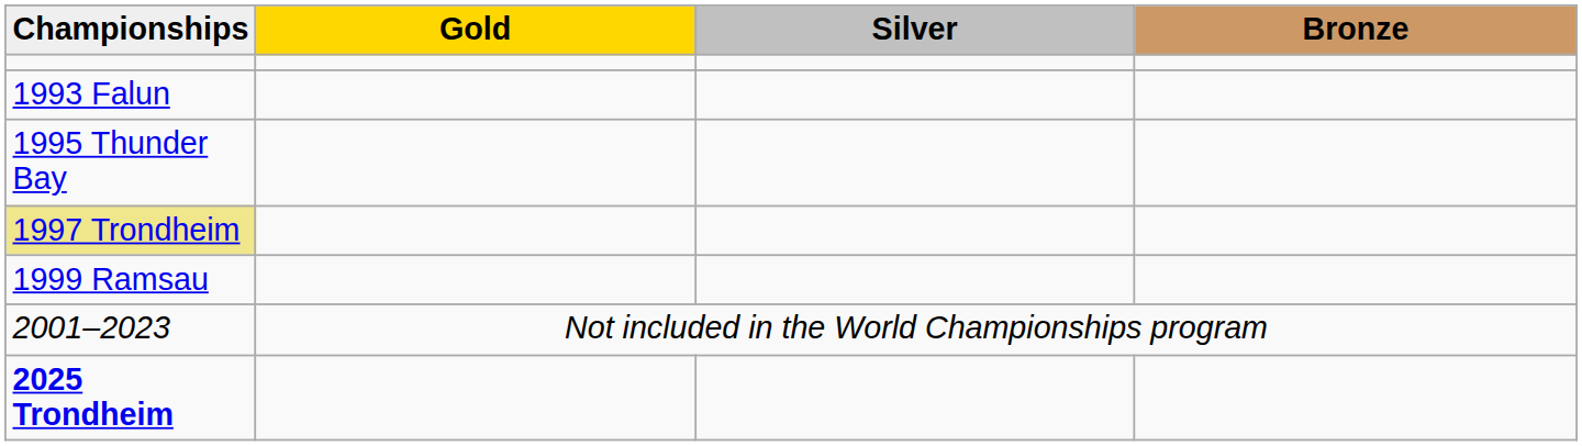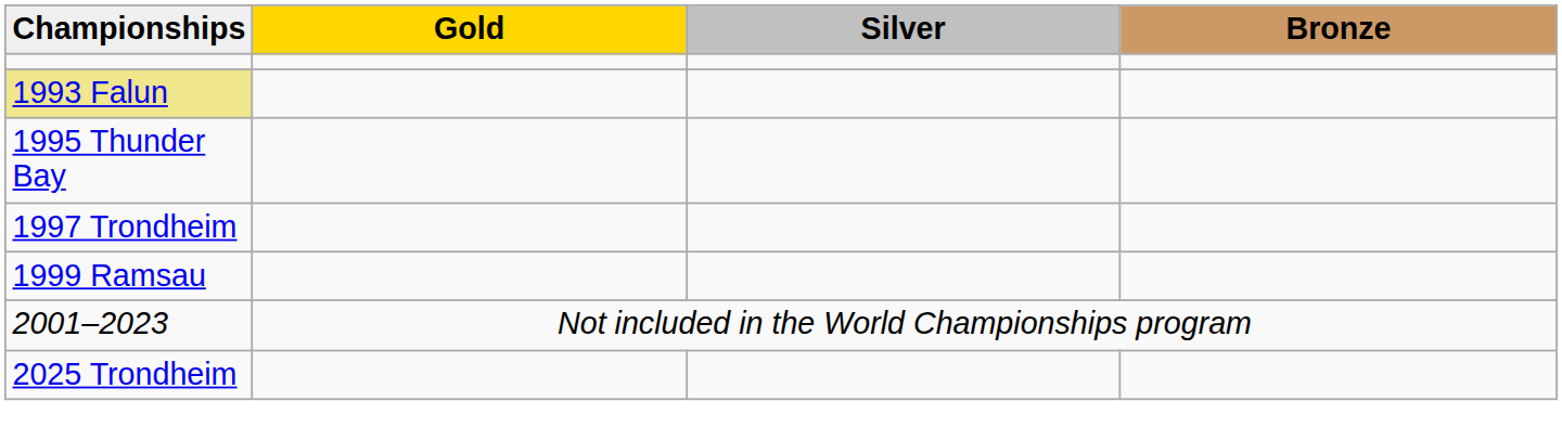 <table class="wikitable sortable" style="width:800px;">
 <tr>
 <th style="width:10%; background:#efefef;">Championships</th>
 <th style="width:30%; background:gold">Gold</th>
 <th style="width:30%; background:silver">Silver</th>
 <th style="width:30%; background:#CC9966">Bronze</th>
 </tr>
 <tr>
 <td></td>
 <td></td>
 <td></td>
 <td></td>
 </tr>
 <tr>
-<td><a href='#'>1993 Falun</a></td>
+<td style="background: khaki;"><a href='#'>1993 Falun</a></td>
 <td></td>
 <td></td>
 <td></td>
 </tr>
 <tr>
 <td><a href='#'>1995 Thunder Bay</a></td>
 <td></td>
 <td></td>
 <td></td>
 </tr>
 <tr>
-<td style="background: khaki;"><a href='#'>1997 Trondheim</a></td>
+<td><a href='#'>1997 Trondheim</a></td>
 <td></td>
 <td></td>
 <td></td>
 </tr>
 <tr>
 <td><a href='#'>1999 Ramsau</a></td>
 <td></td>
 <td></td>
 <td></td>
 </tr>
 <tr>
 <td><em>2001–2023</em></td>
 <td colspan=3 align=center><em>Not included in the World Championships program</em></td>
 </tr>
 <tr>
-<td><strong><a href='#'>2025 Trondheim</a></strong></td>
+<td><a href='#'>2025 Trondheim</a></td>
 <td></td>
 <td></td>
 <td></td>
 </tr>
 </table>
